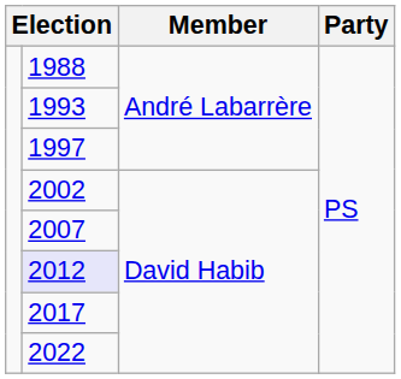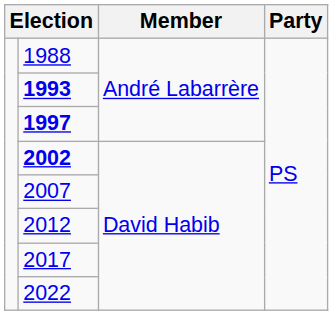 <table class="wikitable">
 <tr>
 <th colspan="2">Election</th>
 <th>Member</th>
 <th>Party</th>
 </tr>
 <tr>
 <td rowspan="8" style="background-color: "></td>
 <td><a href='#'>1988</a></td>
 <td rowspan=3><a href='#'>André Labarrère</a></td>
 <td rowspan="8"><a href='#'>PS</a></td>
 </tr>
 <tr>
-<td><a href='#'>1993</a></td>
+<td><strong><a href='#'>1993</a></strong></td>
 </tr>
 <tr>
-<td><a href='#'>1997</a></td>
+<td><strong><a href='#'>1997</a></strong></td>
 </tr>
 <tr>
-<td><a href='#'>2002</a></td>
+<td><strong><a href='#'>2002</a></strong></td>
 <td rowspan="5"><a href='#'>David Habib</a></td>
 </tr>
 <tr>
 <td><a href='#'>2007</a></td>
 </tr>
 <tr>
-<td style="background: lavender;"><a href='#'>2012</a></td>
+<td><a href='#'>2012</a></td>
 </tr>
 <tr>
 <td><a href='#'>2017</a></td>
 </tr>
 <tr>
 <td><a href='#'>2022</a></td>
 </tr>
 </table>
